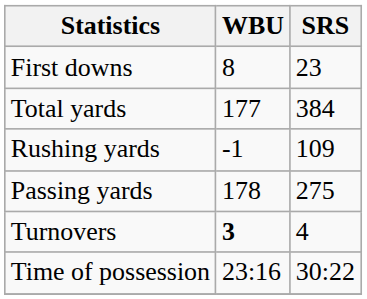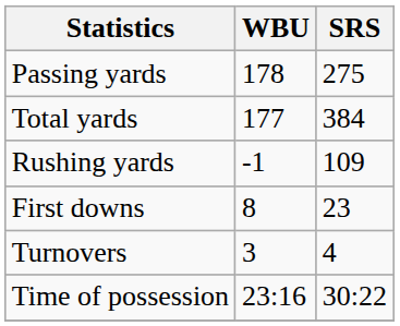 <table class="wikitable" style="float: left;">
 <tr>
 <th>Statistics</th>
 <th>WBU</th>
 <th>SRS</th>
 </tr>
 <tr>
-<td>First downs</td>
-<td>8</td>
-<td>23</td>
+<td>Passing yards</td>
+<td>178</td>
+<td>275</td>
 </tr>
 <tr>
 <td>Total yards</td>
 <td>177</td>
 <td>384</td>
 </tr>
 <tr>
 <td>Rushing yards</td>
 <td>-1</td>
 <td>109</td>
 </tr>
 <tr>
-<td>Passing yards</td>
-<td>178</td>
-<td>275</td>
+<td>First downs</td>
+<td>8</td>
+<td>23</td>
 </tr>
 <tr>
 <td>Turnovers</td>
-<td><strong>3</strong></td>
+<td>3</td>
 <td>4</td>
 </tr>
 <tr>
 <td>Time of possession</td>
 <td>23:16</td>
 <td>30:22</td>
 </tr>
 <tr>
 </tr>
 </table>
